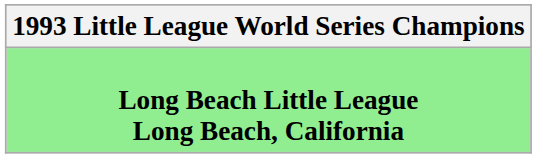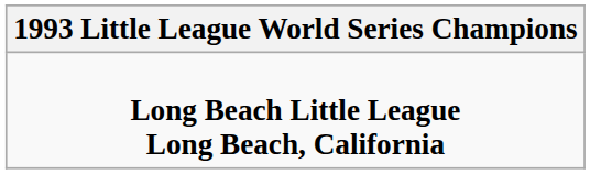 <table class="wikitable" style="text-align: center; margin: 0 auto;">
 <tr>
 <th>1993 Little League World Series Champions</th>
 </tr>
 <tr>
-<td style="background: lightgreen;"><br><strong>Long Beach Little League</strong><br><strong>Long Beach, California</strong></td>
+<td><br><strong>Long Beach Little League</strong><br><strong>Long Beach, California</strong></td>
 </tr>
 </table>
